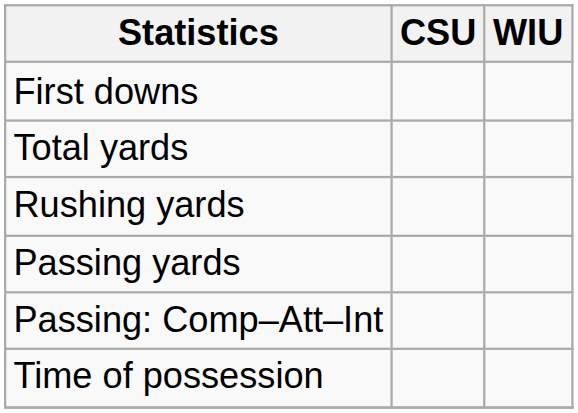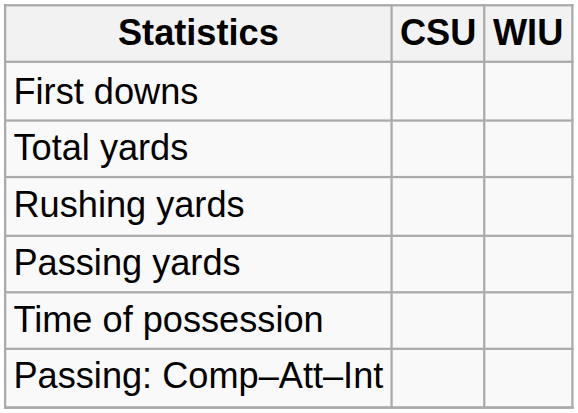 <table class="wikitable" style="float: left;">
 <tr>
 <th>Statistics</th>
 <th>CSU</th>
 <th>WIU</th>
 </tr>
 <tr>
 <td>First downs</td>
 <td></td>
 <td></td>
 </tr>
 <tr>
 <td>Total yards</td>
 <td></td>
 <td></td>
 </tr>
 <tr>
 <td>Rushing yards</td>
 <td></td>
 <td></td>
 </tr>
 <tr>
 <td>Passing yards</td>
 <td></td>
 <td></td>
 </tr>
 <tr>
-<td>Passing: Comp–Att–Int</td>
+<td>Time of possession</td>
 <td></td>
 <td></td>
 </tr>
 <tr>
-<td>Time of possession</td>
+<td>Passing: Comp–Att–Int</td>
 <td></td>
 <td></td>
 </tr>
 <tr>
 </tr>
 </table>
